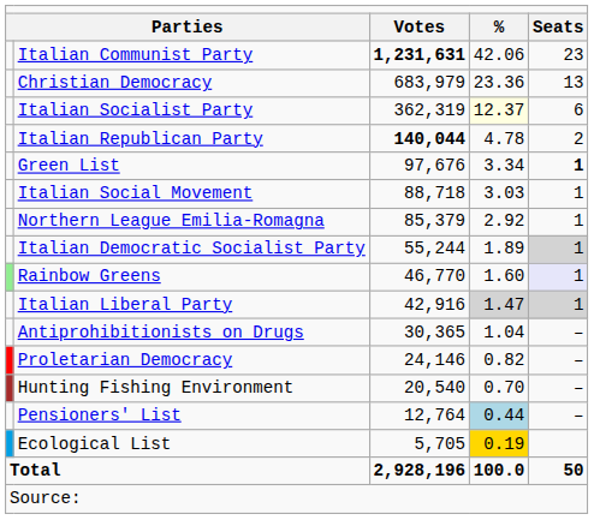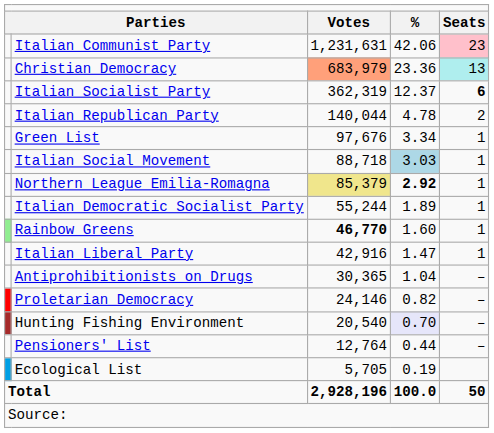 <table class="wikitable" style="font-size:100%">
 <tr>
 <td colspan=5></td>
 </tr>
 <tr bgcolor="EFEFEF">
 <th colspan=2>Parties</th>
 <th>Votes</th>
 <th>%</th>
 <th>Seats</th>
 </tr>
 <tr>
 <td></td>
 <td><a href='#'>Italian Communist Party</a></td>
-<td align=right><strong>1,231,631</strong></td>
+<td align=right>1,231,631</td>
 <td align=right>42.06</td>
-<td align=right>23</td>
+<td align=right style="background: pink;">23</td>
 </tr>
 <tr>
 <td></td>
 <td><a href='#'>Christian Democracy</a></td>
-<td align=right>683,979</td>
+<td align=right style="background: lightsalmon;">683,979</td>
 <td align=right>23.36</td>
-<td align=right>13</td>
+<td align=right style="background: paleturquoise;">13</td>
 </tr>
 <tr>
 <td></td>
 <td><a href='#'>Italian Socialist Party</a></td>
 <td align=right>362,319</td>
-<td align=right style="background: lightyellow;">12.37</td>
-<td align=right>6</td>
+<td align=right>12.37</td>
+<td align=right><strong>6</strong></td>
 </tr>
 <tr>
 <td></td>
 <td><a href='#'>Italian Republican Party</a></td>
-<td align=right><strong>140,044</strong></td>
+<td align=right>140,044</td>
 <td align=right>4.78</td>
 <td align=right>2</td>
 </tr>
 <tr>
 <td></td>
 <td><a href='#'>Green List</a></td>
 <td align=right>97,676</td>
 <td align=right>3.34</td>
-<td align=right><strong>1</strong></td>
+<td align=right>1</td>
 </tr>
 <tr>
 <td></td>
 <td><a href='#'>Italian Social Movement</a></td>
 <td align=right>88,718</td>
-<td align=right>3.03</td>
+<td align=right style="background: lightblue;">3.03</td>
 <td align=right>1</td>
 </tr>
 <tr>
 <td></td>
 <td><a href='#'>Northern League Emilia-Romagna</a></td>
-<td align=right>85,379</td>
-<td align=right>2.92</td>
+<td align=right style="background: khaki;">85,379</td>
+<td align=right><strong>2.92</strong></td>
 <td align=right>1</td>
 </tr>
 <tr>
 <td></td>
 <td><a href='#'>Italian Democratic Socialist Party</a></td>
 <td align=right>55,244</td>
 <td align=right>1.89</td>
-<td align=right style="background: lightgrey;">1</td>
+<td align=right>1</td>
 </tr>
 <tr>
 <td bgcolor="lightgreen"></td>
 <td><a href='#'>Rainbow Greens</a></td>
-<td align=right>46,770</td>
+<td align=right><strong>46,770</strong></td>
 <td align=right>1.60</td>
-<td align=right style="background: lavender;">1</td>
+<td align=right>1</td>
 </tr>
 <tr>
 <td></td>
 <td><a href='#'>Italian Liberal Party</a></td>
 <td align=right>42,916</td>
-<td align=right style="background: lightgrey;">1.47</td>
-<td align=right style="background: lightgrey;">1</td>
+<td align=right>1.47</td>
+<td align=right>1</td>
 </tr>
 <tr>
 <td></td>
 <td><a href='#'>Antiprohibitionists on Drugs</a></td>
 <td align=right>30,365</td>
 <td align=right>1.04</td>
 <td align=right>–</td>
 </tr>
 <tr>
 <td bgcolor="red"></td>
 <td><a href='#'>Proletarian Democracy</a></td>
 <td align=right>24,146</td>
 <td align=right>0.82</td>
 <td align=right>–</td>
 </tr>
 <tr>
 <td bgcolor="brown"></td>
 <td>Hunting Fishing Environment</td>
 <td align=right>20,540</td>
-<td align=right>0.70</td>
+<td align=right style="background: lavender;">0.70</td>
 <td align=right>–</td>
 </tr>
 <tr>
 <td></td>
 <td><a href='#'>Pensioners' List</a></td>
 <td align=right>12,764</td>
-<td align=right style="background: lightblue;">0.44</td>
+<td align=right>0.44</td>
 <td align=right>–</td>
 </tr>
 <tr>
 <td bgcolor="#009FE4"></td>
 <td>Ecological List</td>
 <td align=right>5,705</td>
-<td align=right style="background: gold;">0.19</td>
+<td align=right>0.19</td>
 <td></td>
 </tr>
 <tr>
 <td colspan=2><strong>Total</strong></td>
 <td align=right><strong>2,928,196</strong></td>
 <td align=right><strong>100.0</strong></td>
 <td align=right><strong>50</strong></td>
 </tr>
 <tr>
 <td colspan=5>Source: </td>
 </tr>
 </table>
